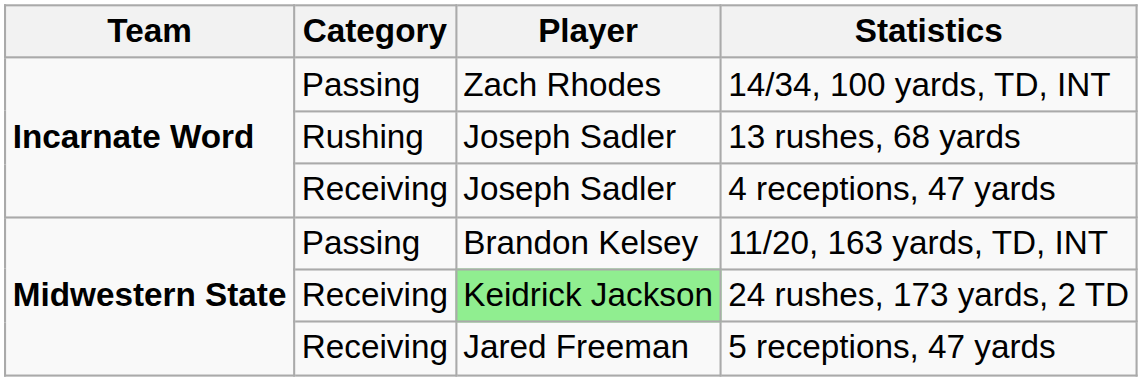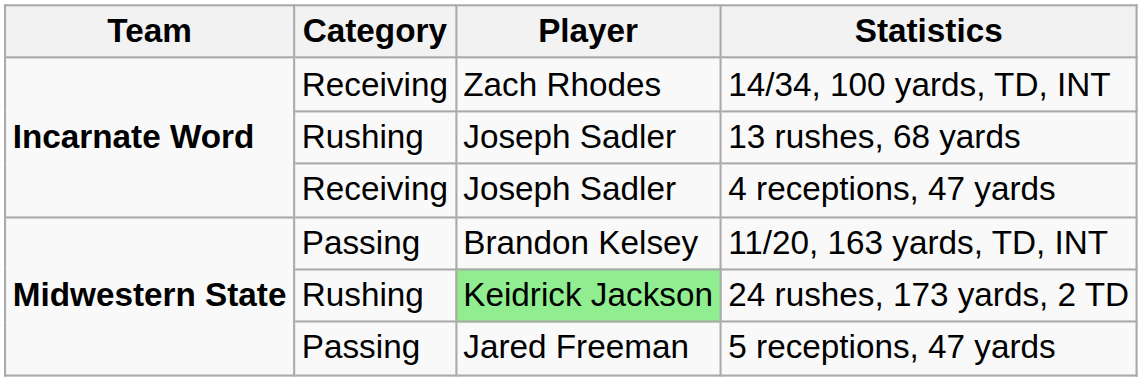 <table class="wikitable" style="float: left;">
 <tr>
 <th>Team</th>
 <th>Category</th>
 <th>Player</th>
 <th>Statistics</th>
 </tr>
 <tr>
 <td rowspan=3><strong>Incarnate Word</strong></td>
-<td>Passing</td>
+<td>Receiving</td>
 <td>Zach Rhodes</td>
 <td>14/34, 100 yards, TD, INT</td>
 </tr>
 <tr>
 <td>Rushing</td>
 <td>Joseph Sadler</td>
 <td>13 rushes, 68 yards</td>
 </tr>
 <tr>
 <td>Receiving</td>
 <td>Joseph Sadler</td>
 <td>4 receptions, 47 yards</td>
 </tr>
 <tr>
 <td rowspan=3><strong>Midwestern State</strong></td>
 <td>Passing</td>
 <td>Brandon Kelsey</td>
 <td>11/20, 163 yards, TD, INT</td>
 </tr>
 <tr>
-<td>Receiving</td>
+<td>Rushing</td>
 <td style="background: lightgreen;">Keidrick Jackson</td>
 <td>24 rushes, 173 yards, 2 TD</td>
 </tr>
 <tr>
-<td>Receiving</td>
+<td>Passing</td>
 <td>Jared Freeman</td>
 <td>5 receptions, 47 yards</td>
 </tr>
 </table>
